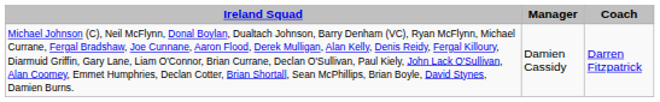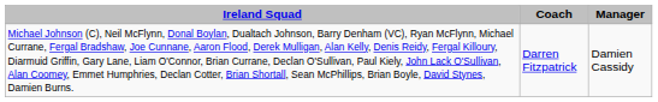 <table class="wikitable">
 <tr>
 <th style="background:silver;"><a href='#'>Ireland Squad</a></th>
+<th style="background:silver;">Coach</th>
 <th style="background:silver;">Manager</th>
-<th style="background:silver;">Coach</th>
 </tr>
 <tr>
 <td><small> <a href='#'>Michael Johnson</a> (C), Neil McFlynn, <a href='#'>Donal Boylan</a>, Dualtach Johnson, Barry Denham (VC), Ryan McFlynn, Michael Currane, <a href='#'>Fergal Bradshaw</a>, <a href='#'>Joe Cunnane</a>, <a href='#'>Aaron Flood</a>, <a href='#'>Derek Mulligan</a>, <a href='#'>Alan Kelly</a>, <a href='#'>Denis Reidy</a>, <a href='#'>Fergal Killoury</a>, Diarmuid Griffin, Gary Lane, Liam O'Connor, Brian Currane, Declan O'Sullivan, Paul Kiely, <a href='#'>John Lack O'Sullivan</a>, <a href='#'>Alan Coomey</a>, Emmet Humphries, Declan Cotter, <a href='#'>Brian Shortall</a>, Sean McPhillips, Brian Boyle, <a href='#'>David Stynes</a>, Damien Burns.</small></td>
+<td><a href='#'>Darren Fitzpatrick</a></td>
 <td>Damien Cassidy</td>
-<td><a href='#'>Darren Fitzpatrick</a></td>
 </tr>
 </table>
